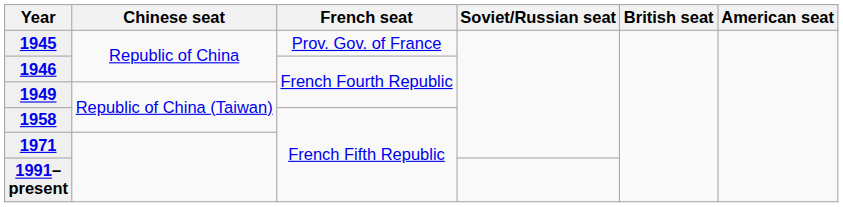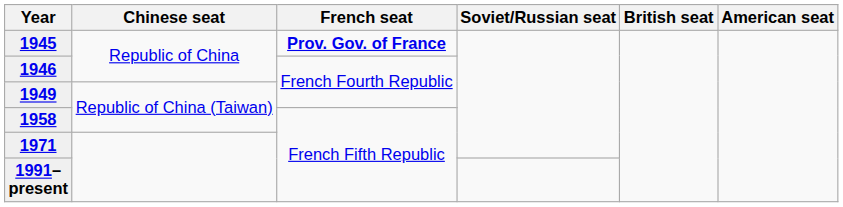 <table class="wikitable" style="text-align: center; font-size:92%">
 <tr>
 <th width=50>Year</th>
 <th>Chinese seat</th>
 <th>French seat</th>
 <th>Soviet/Russian seat</th>
 <th>British seat</th>
 <th>American seat</th>
 </tr>
 <tr>
 <td style="background: #f0f0f0"><strong><a href='#'>1945</a></strong></td>
 <td rowspan="2"> <a href='#'>Republic of China</a></td>
-<td> <a href='#'>Prov. Gov. of France</a></td>
+<td><strong> <a href='#'>Prov. Gov. of France</a></strong></td>
 <td rowspan="5"></td>
 <td rowspan="6"></td>
 <td rowspan="6"></td>
 </tr>
 <tr>
 <td style="background: #f0f0f0"><strong><a href='#'>1946</a></strong></td>
 <td rowspan="2"> <a href='#'>French Fourth Republic</a></td>
 </tr>
 <tr>
 <td style="background: #f0f0f0"><strong><a href='#'>1949</a></strong></td>
 <td rowspan="2"> <a href='#'>Republic of China (Taiwan)</a></td>
 </tr>
 <tr>
 <td style="background: #f0f0f0"><strong><a href='#'>1958</a></strong></td>
 <td rowspan="3"> <a href='#'>French Fifth Republic</a></td>
 </tr>
 <tr>
 <td style="background: #f0f0f0"><strong><a href='#'>1971</a></strong></td>
 <td rowspan="2"></td>
 </tr>
 <tr>
 <td style="background: #f0f0f0"><strong><a href='#'>1991</a>–present</strong></td>
 <td></td>
 </tr>
 </table>
